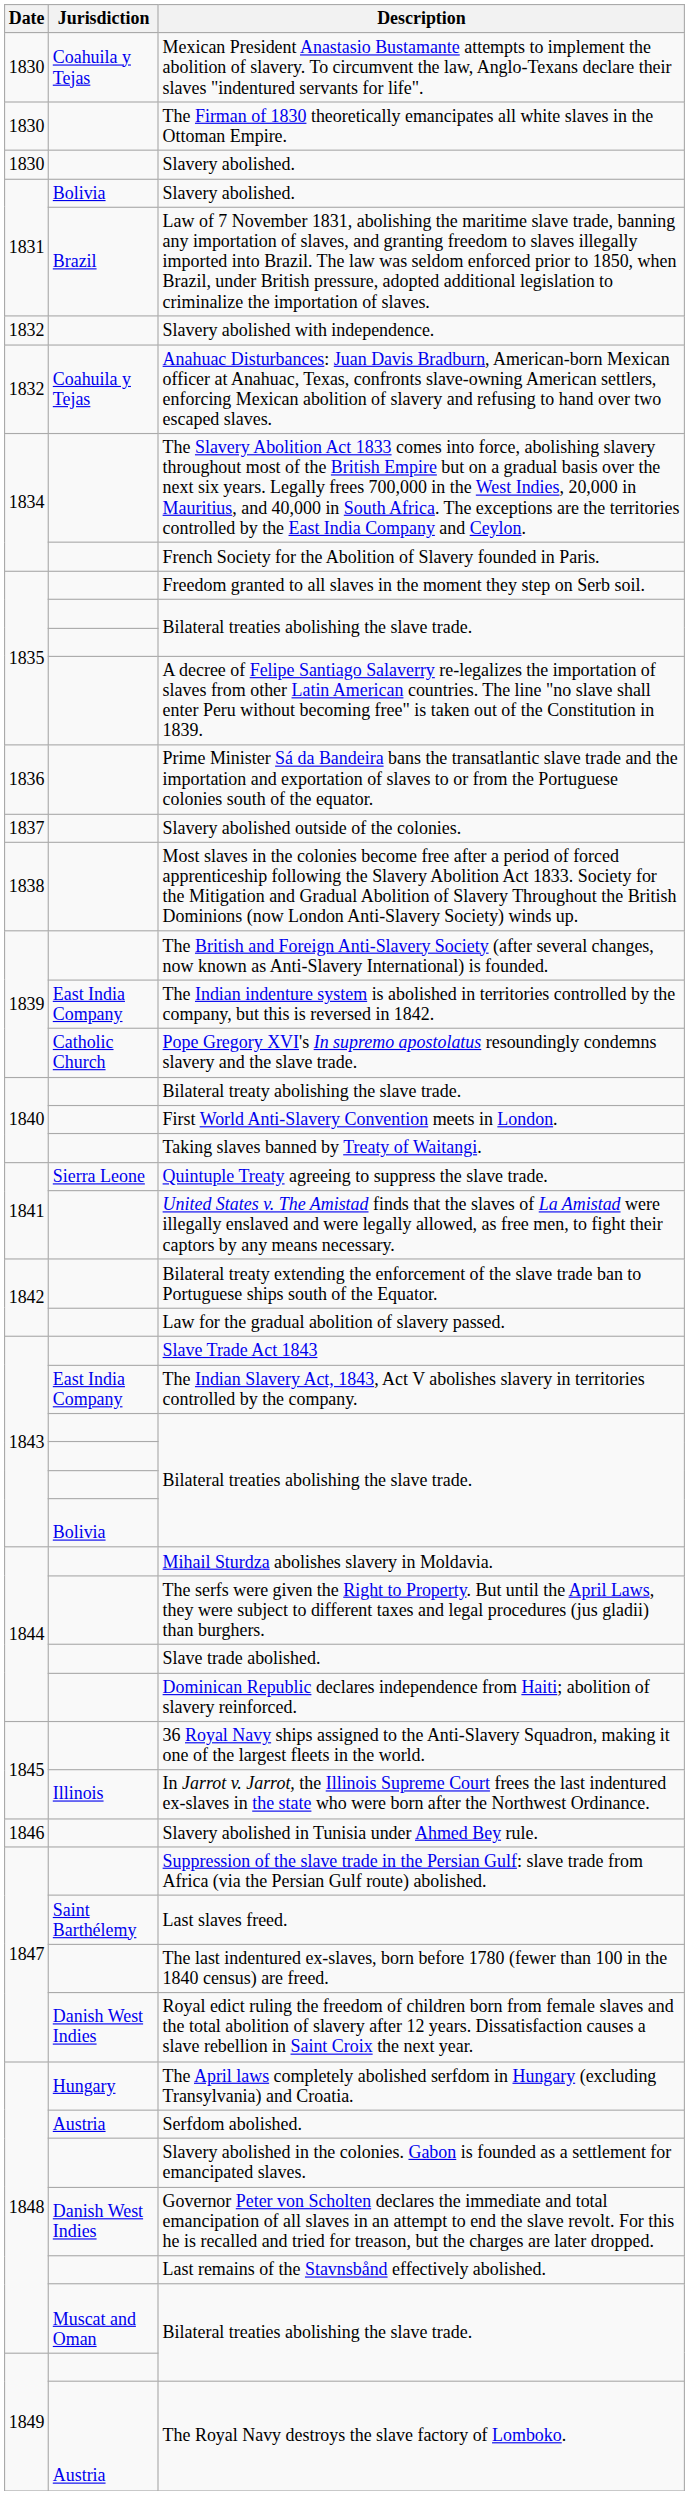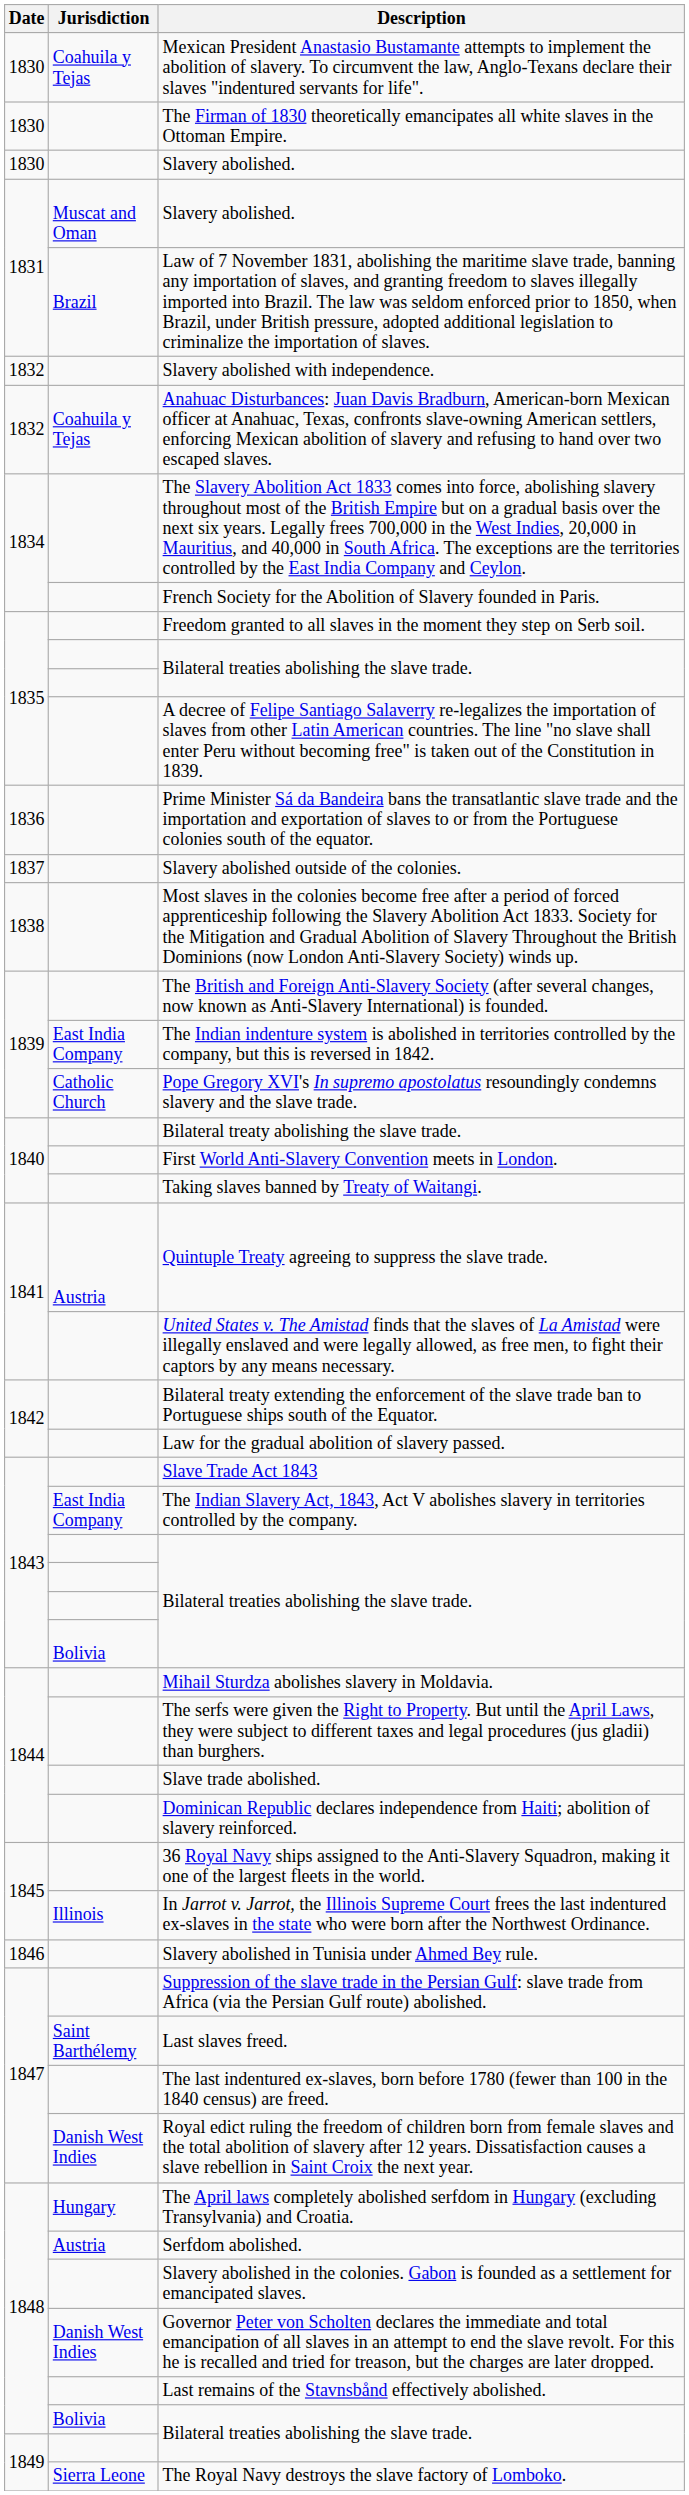 <table class=wikitable>
 <tr>
 <th>Date</th>
 <th>Jurisdiction</th>
 <th>Description</th>
 </tr>
 <tr>
 <td>1830</td>
 <td> <a href='#'>Coahuila y Tejas</a></td>
 <td>Mexican President <a href='#'>Anastasio Bustamante</a> attempts to implement the abolition of slavery. To circumvent the law, Anglo-Texans declare their slaves "indentured servants for life".</td>
 </tr>
 <tr>
 <td>1830</td>
 <td></td>
 <td>The <a href='#'>Firman of 1830</a> theoretically emancipates all white slaves in the Ottoman Empire.</td>
 </tr>
 <tr>
 <td>1830</td>
 <td></td>
 <td>Slavery abolished.</td>
 </tr>
 <tr>
 <td rowspan="2">1831</td>
-<td> <a href='#'>Bolivia</a></td>
+<td><br> <a href='#'>Muscat and Oman</a></td>
 <td>Slavery abolished.</td>
 </tr>
 <tr>
 <td> <a href='#'>Brazil</a></td>
 <td>Law of 7 November 1831, abolishing the maritime slave trade, banning any importation of slaves, and granting freedom to slaves illegally imported into Brazil. The law was seldom enforced prior to 1850, when Brazil, under British pressure, adopted additional legislation to criminalize the importation of slaves.</td>
 </tr>
 <tr>
 <td>1832</td>
 <td></td>
 <td>Slavery abolished with independence.</td>
 </tr>
 <tr>
 <td>1832</td>
 <td> <a href='#'>Coahuila y Tejas</a></td>
 <td><a href='#'>Anahuac Disturbances</a>: <a href='#'>Juan Davis Bradburn</a>, American-born Mexican officer at Anahuac, Texas, confronts slave-owning American settlers, enforcing Mexican abolition of slavery and refusing to hand over two escaped slaves.</td>
 </tr>
 <tr>
 <td rowspan="2">1834</td>
 <td></td>
 <td>The <a href='#'>Slavery Abolition Act 1833</a> comes into force, abolishing slavery throughout most of the <a href='#'>British Empire</a> but on a gradual basis over the next six years. Legally frees 700,000 in the <a href='#'>West Indies</a>, 20,000 in <a href='#'>Mauritius</a>, and 40,000 in <a href='#'>South Africa</a>. The exceptions are the territories controlled by the <a href='#'>East India Company</a> and <a href='#'>Ceylon</a>.</td>
 </tr>
 <tr>
 <td></td>
 <td>French Society for the Abolition of Slavery founded in Paris.</td>
 </tr>
 <tr>
 <td rowspan="4">1835</td>
 <td></td>
 <td>Freedom granted to all slaves in the moment they step on Serb soil.</td>
 </tr>
 <tr>
 <td><br></td>
 <td rowspan=2>Bilateral treaties abolishing the slave trade.</td>
 </tr>
 <tr>
 <td><br></td>
 </tr>
 <tr>
 <td></td>
 <td>A decree of <a href='#'>Felipe Santiago Salaverry</a> re-legalizes the importation of slaves from other <a href='#'>Latin American</a> countries. The line "no slave shall enter Peru without becoming free" is taken out of the Constitution in 1839.</td>
 </tr>
 <tr>
 <td>1836</td>
 <td></td>
 <td>Prime Minister <a href='#'>Sá da Bandeira</a> bans the transatlantic slave trade and the importation and exportation of slaves to or from the Portuguese colonies south of the equator.</td>
 </tr>
 <tr>
 <td>1837</td>
 <td></td>
 <td>Slavery abolished outside of the colonies.</td>
 </tr>
 <tr>
 <td>1838</td>
 <td></td>
 <td>Most slaves in the colonies become free after a period of forced apprenticeship following the Slavery Abolition Act 1833. Society for the Mitigation and Gradual Abolition of Slavery Throughout the British Dominions (now London Anti-Slavery Society) winds up.</td>
 </tr>
 <tr>
 <td rowspan="3">1839</td>
 <td></td>
 <td>The <a href='#'>British and Foreign Anti-Slavery Society</a> (after several changes, now known as Anti-Slavery International) is founded.</td>
 </tr>
 <tr>
 <td> <a href='#'>East India Company</a></td>
 <td>The <a href='#'>Indian indenture system</a> is abolished in territories controlled by the company, but this is reversed in 1842.</td>
 </tr>
 <tr>
 <td> <a href='#'>Catholic Church</a></td>
 <td><a href='#'>Pope Gregory XVI</a>'s <em><a href='#'>In supremo apostolatus</a></em> resoundingly condemns slavery and the slave trade.</td>
 </tr>
 <tr>
 <td rowspan="3">1840</td>
 <td><br></td>
 <td>Bilateral treaty abolishing the slave trade.</td>
 </tr>
 <tr>
 <td></td>
 <td>First <a href='#'>World Anti-Slavery Convention</a> meets in <a href='#'>London</a>.</td>
 </tr>
 <tr>
 <td></td>
 <td>Taking slaves banned by <a href='#'>Treaty of Waitangi</a>.</td>
 </tr>
 <tr>
 <td rowspan="2">1841</td>
-<td> <a href='#'>Sierra Leone</a></td>
+<td><br><br><br><br> <a href='#'>Austria</a></td>
 <td><a href='#'>Quintuple Treaty</a> agreeing to suppress the slave trade.</td>
 </tr>
 <tr>
 <td></td>
 <td><em><a href='#'>United States v. The Amistad</a></em> finds that the slaves of <em><a href='#'>La Amistad</a></em> were illegally enslaved and were legally allowed, as free men, to fight their captors by any means necessary.</td>
 </tr>
 <tr>
 <td rowspan="2">1842</td>
 <td><br></td>
 <td>Bilateral treaty extending the enforcement of the slave trade ban to Portuguese ships south of the Equator.</td>
 </tr>
 <tr>
 <td></td>
 <td>Law for the gradual abolition of slavery passed.</td>
 </tr>
 <tr>
 <td rowspan="6">1843</td>
 <td></td>
 <td><a href='#'>Slave Trade Act 1843</a></td>
 </tr>
 <tr>
 <td> <a href='#'>East India Company</a></td>
 <td>The <a href='#'>Indian Slavery Act, 1843</a>, Act V abolishes slavery in territories controlled by the company.</td>
 </tr>
 <tr>
 <td><br></td>
 <td rowspan="4">Bilateral treaties abolishing the slave trade.</td>
 </tr>
 <tr>
 <td><br></td>
 </tr>
 <tr>
 <td><br></td>
 </tr>
 <tr>
 <td><br> <a href='#'>Bolivia</a></td>
 </tr>
 <tr>
 <td rowspan="4">1844</td>
 <td></td>
 <td><a href='#'>Mihail Sturdza</a> abolishes slavery in Moldavia.</td>
 </tr>
 <tr>
 <td></td>
 <td>The serfs were given the <a href='#'>Right to Property</a>. But until the <a href='#'>April Laws</a>, they were subject to different taxes and legal procedures (jus gladii) than burghers.</td>
 </tr>
 <tr>
 <td></td>
 <td>Slave trade abolished.</td>
 </tr>
 <tr>
 <td></td>
 <td><a href='#'>Dominican Republic</a> declares independence from <a href='#'>Haiti</a>; abolition of slavery reinforced.</td>
 </tr>
 <tr>
 <td rowspan="2">1845</td>
 <td></td>
 <td>36 <a href='#'>Royal Navy</a> ships assigned to the Anti-Slavery Squadron, making it one of the largest fleets in the world.</td>
 </tr>
 <tr>
 <td> <a href='#'>Illinois</a></td>
 <td>In <em>Jarrot v. Jarrot,</em> the <a href='#'>Illinois Supreme Court</a> frees the last indentured ex-slaves in <a href='#'>the state</a> who were born after the Northwest Ordinance.</td>
 </tr>
 <tr>
 <td>1846</td>
 <td></td>
 <td>Slavery abolished in Tunisia under <a href='#'>Ahmed Bey</a> rule.</td>
 </tr>
 <tr>
 <td rowspan="4">1847</td>
 <td></td>
 <td><a href='#'>Suppression of the slave trade in the Persian Gulf</a>: slave trade from Africa (via the Persian Gulf route) abolished.</td>
 </tr>
 <tr>
 <td> <a href='#'>Saint Barthélemy</a></td>
 <td>Last slaves freed.</td>
 </tr>
 <tr>
 <td></td>
 <td>The last indentured ex-slaves, born before 1780 (fewer than 100 in the 1840 census) are freed.</td>
 </tr>
 <tr>
 <td> <a href='#'>Danish West Indies</a></td>
 <td>Royal edict ruling the freedom of children born from female slaves and the total abolition of slavery after 12 years. Dissatisfaction causes a slave rebellion in <a href='#'>Saint Croix</a> the next year.</td>
 </tr>
 <tr>
 <td rowspan="6">1848</td>
 <td> <a href='#'>Hungary</a></td>
 <td>The <a href='#'>April laws</a> completely abolished serfdom in <a href='#'>Hungary</a> (excluding Transylvania) and Croatia.</td>
 </tr>
 <tr>
 <td> <a href='#'>Austria</a></td>
 <td>Serfdom abolished.</td>
 </tr>
 <tr>
 <td></td>
 <td>Slavery abolished in the colonies. <a href='#'>Gabon</a> is founded as a settlement for emancipated slaves.</td>
 </tr>
 <tr>
 <td> <a href='#'>Danish West Indies</a></td>
 <td>Governor <a href='#'>Peter von Scholten</a> declares the immediate and total emancipation of all slaves in an attempt to end the slave revolt. For this he is recalled and tried for treason, but the charges are later dropped.</td>
 </tr>
 <tr>
 <td></td>
 <td>Last remains of the <a href='#'>Stavnsbånd</a> effectively abolished.</td>
 </tr>
 <tr>
-<td><br> <a href='#'>Muscat and Oman</a></td>
+<td> <a href='#'>Bolivia</a></td>
 <td rowspan=2>Bilateral treaties abolishing the slave trade.</td>
 </tr>
 <tr>
 <td rowspan="2">1849</td>
 <td><br></td>
 </tr>
 <tr>
-<td><br><br><br><br> <a href='#'>Austria</a></td>
+<td> <a href='#'>Sierra Leone</a></td>
 <td>The Royal Navy destroys the slave factory of <a href='#'>Lomboko</a>.</td>
 </tr>
 </table>
